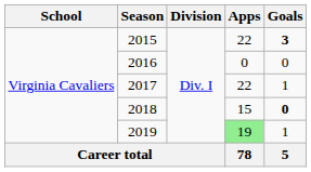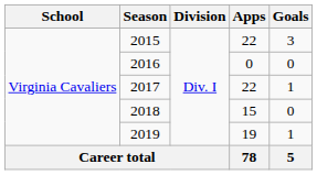 <table class="wikitable" style="text-align: center;">
 <tr>
 <th>School</th>
 <th>Season</th>
 <th>Division</th>
 <th>Apps</th>
 <th>Goals</th>
 </tr>
 <tr>
 <td rowspan="5"><a href='#'>Virginia Cavaliers</a></td>
 <td>2015</td>
 <td rowspan="5"><a href='#'>Div. I</a></td>
 <td>22</td>
-<td><strong>3</strong></td>
+<td>3</td>
 </tr>
 <tr>
 <td>2016</td>
 <td>0</td>
 <td>0</td>
 </tr>
 <tr>
 <td>2017</td>
 <td>22</td>
 <td>1</td>
 </tr>
 <tr>
 <td>2018</td>
 <td>15</td>
-<td><strong>0</strong></td>
+<td>0</td>
 </tr>
 <tr>
 <td>2019</td>
-<td style="background: lightgreen;">19</td>
+<td>19</td>
 <td>1</td>
 </tr>
 <tr>
 <th colspan="3">Career total</th>
 <th>78</th>
 <th>5</th>
 </tr>
 </table>
